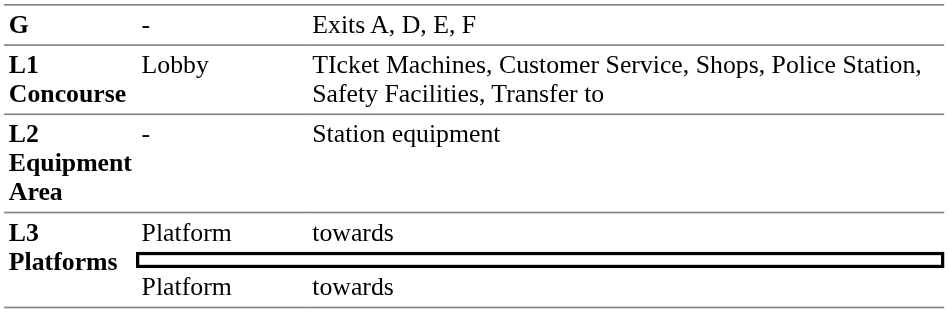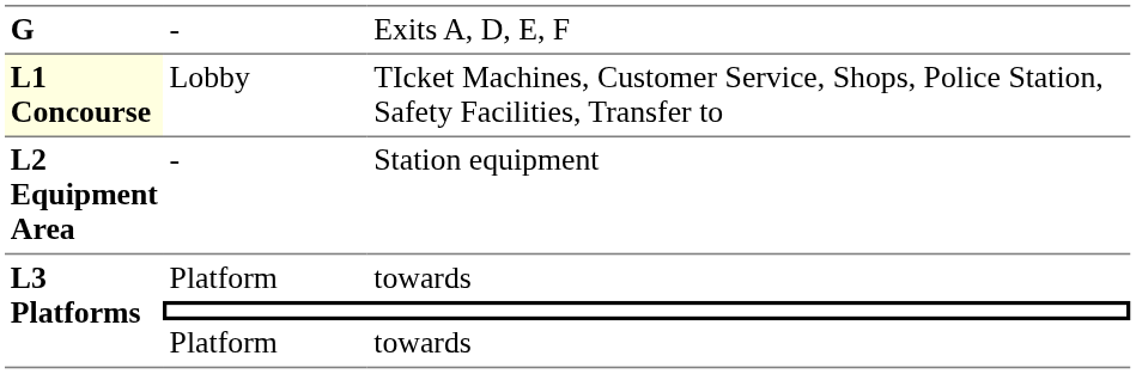 <table table border=0 cellspacing=0 cellpadding=3>
 <tr>
 <td style="border-top:solid 1px gray;" width=50 valign=top><strong>G</strong></td>
 <td style="border-top:solid 1px gray;" width=100 valign=top>-</td>
 <td style="border-top:solid 1px gray;" width=390 valign=top>Exits A, D, E, F</td>
 </tr>
 <tr>
-<td style="border-bottom:solid 1px gray; border-top:solid 1px gray;" valign=top><strong>L1<br>Concourse</strong></td>
+<td style="background: lightyellow; border-bottom:solid 1px gray; border-top:solid 1px gray;" valign=top><strong>L1<br>Concourse</strong></td>
 <td style="border-bottom:solid 1px gray; border-top:solid 1px gray;" valign=top>Lobby</td>
 <td style="border-bottom:solid 1px gray; border-top:solid 1px gray;" valign=top>TIcket Machines, Customer Service, Shops, Police Station, Safety Facilities, Transfer to </td>
 </tr>
 <tr>
 <td style="border-bottom:solid 1px gray;" valign=top><strong>L2<br>Equipment Area</strong></td>
 <td style="border-bottom:solid 1px gray;" valign=top>-</td>
 <td style="border-bottom:solid 1px gray;" valign=top>Station equipment</td>
 </tr>
 <tr>
 <td style="border-bottom:solid 1px gray;" rowspan=3 valign=top><strong>L3<br>Platforms</strong></td>
 <td>Platform </td>
 <td>  towards  </td>
 </tr>
 <tr>
 <td style="border-top:solid 2px black;border-right:solid 2px black;border-left:solid 2px black;border-bottom:solid 2px black;text-align:center;" colspan=2></td>
 </tr>
 <tr>
 <td style="border-bottom:solid 1px gray;">Platform </td>
 <td style="border-bottom:solid 1px gray;"> towards   </td>
 </tr>
 </table>
